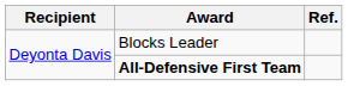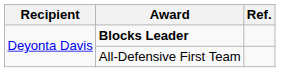 <table class="wikitable">
 <tr>
 <th>Recipient</th>
 <th>Award</th>
 <th>Ref.</th>
 </tr>
 <tr>
 <td rowspan=2><a href='#'>Deyonta Davis</a></td>
-<td>Blocks Leader</td>
+<td><strong>Blocks Leader</strong></td>
 <td></td>
 </tr>
 <tr>
-<td><strong>All-Defensive First Team</strong></td>
+<td>All-Defensive First Team</td>
 <td></td>
 </tr>
 </table>
